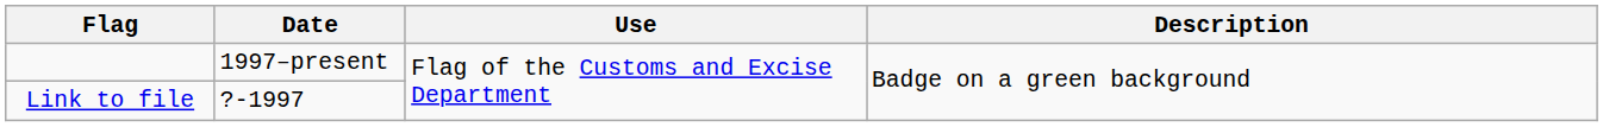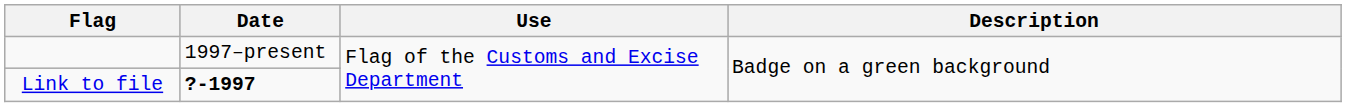 <table class="wikitable" style="background:#f9f9f9">
 <tr>
 <th width="110">Flag</th>
 <th width="100">Date</th>
 <th width="250">Use</th>
 <th width="400">Description</th>
 </tr>
 <tr>
 <td></td>
 <td>1997–present</td>
 <td rowspan="2">Flag of the <a href='#'>Customs and Excise Department</a></td>
 <td rowspan="2">Badge on a green background</td>
 </tr>
 <tr>
 <td style="text-align:center;"><a href='#'>Link to file</a></td>
-<td>?-1997</td>
+<td><strong>?-1997</strong></td>
 </tr>
 </table>
